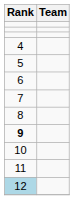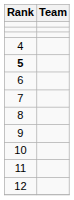 <table class="wikitable">
 <tr>
 <th>Rank</th>
 <th>Team</th>
 </tr>
 <tr>
 <td align=center></td>
 <td></td>
 </tr>
 <tr>
 <td align=center></td>
 <td></td>
 </tr>
 <tr>
 <td align=center></td>
 <td></td>
 </tr>
 <tr>
 <td align=center>4</td>
 <td></td>
 </tr>
 <tr>
-<td align=center>5</td>
+<td align=center><strong>5</strong></td>
 <td></td>
 </tr>
 <tr>
 <td align=center>6</td>
 <td></td>
 </tr>
 <tr>
 <td align=center>7</td>
 <td></td>
 </tr>
 <tr>
 <td align=center>8</td>
 <td></td>
 </tr>
 <tr>
-<td align=center><strong>9</strong></td>
+<td align=center>9</td>
 <td></td>
 </tr>
 <tr>
 <td align=center>10</td>
 <td></td>
 </tr>
 <tr>
 <td align=center>11</td>
 <td></td>
 </tr>
 <tr>
-<td align=center style="background: lightblue;">12</td>
+<td align=center>12</td>
 <td></td>
 </tr>
 <tr>
 </tr>
 </table>
